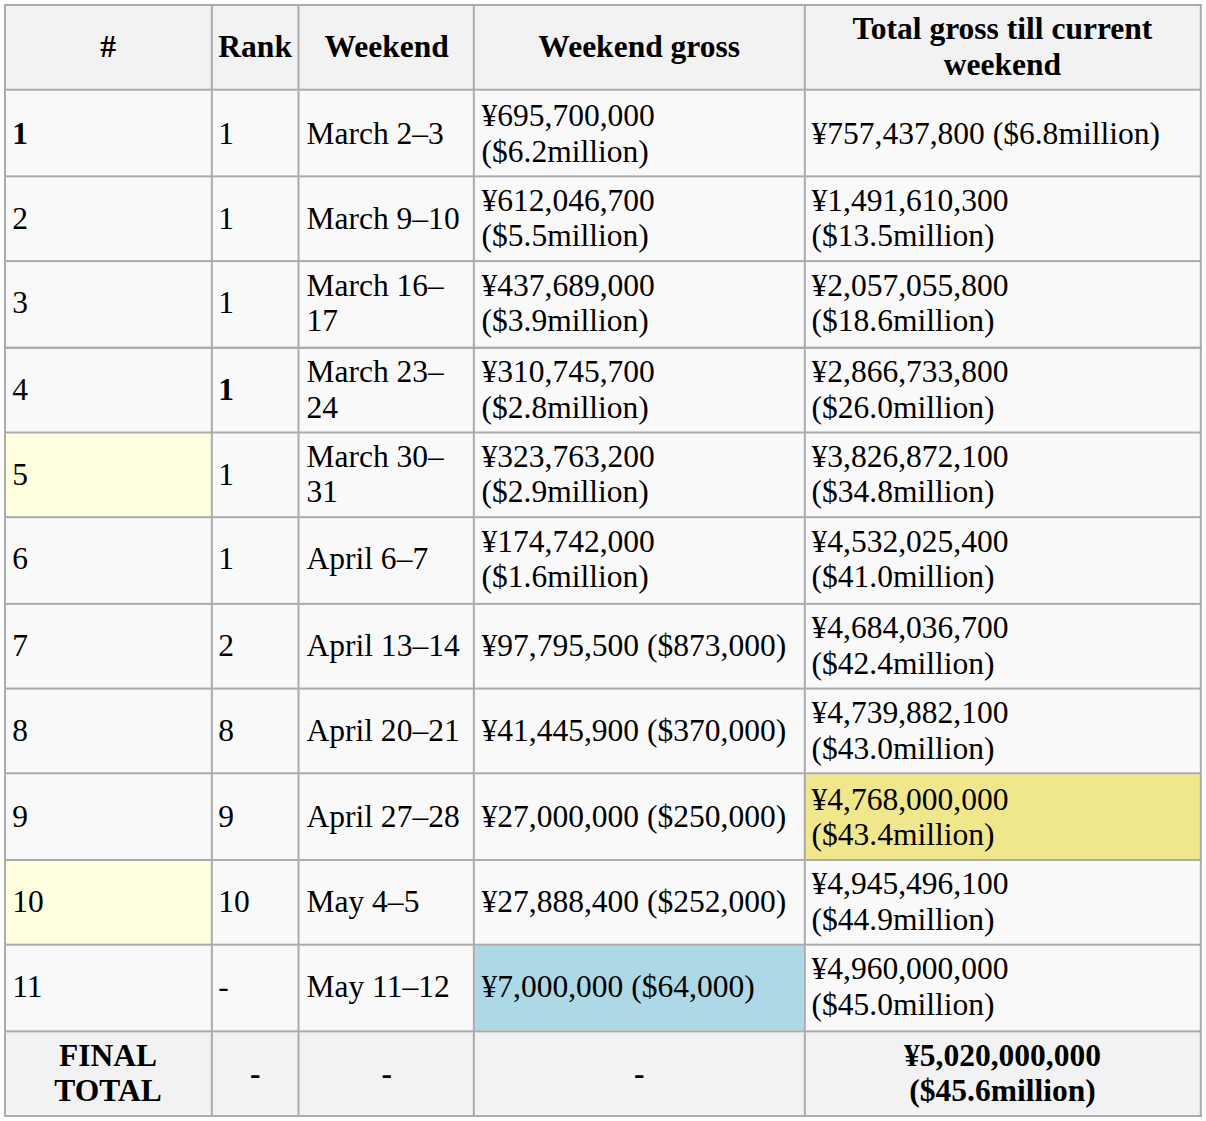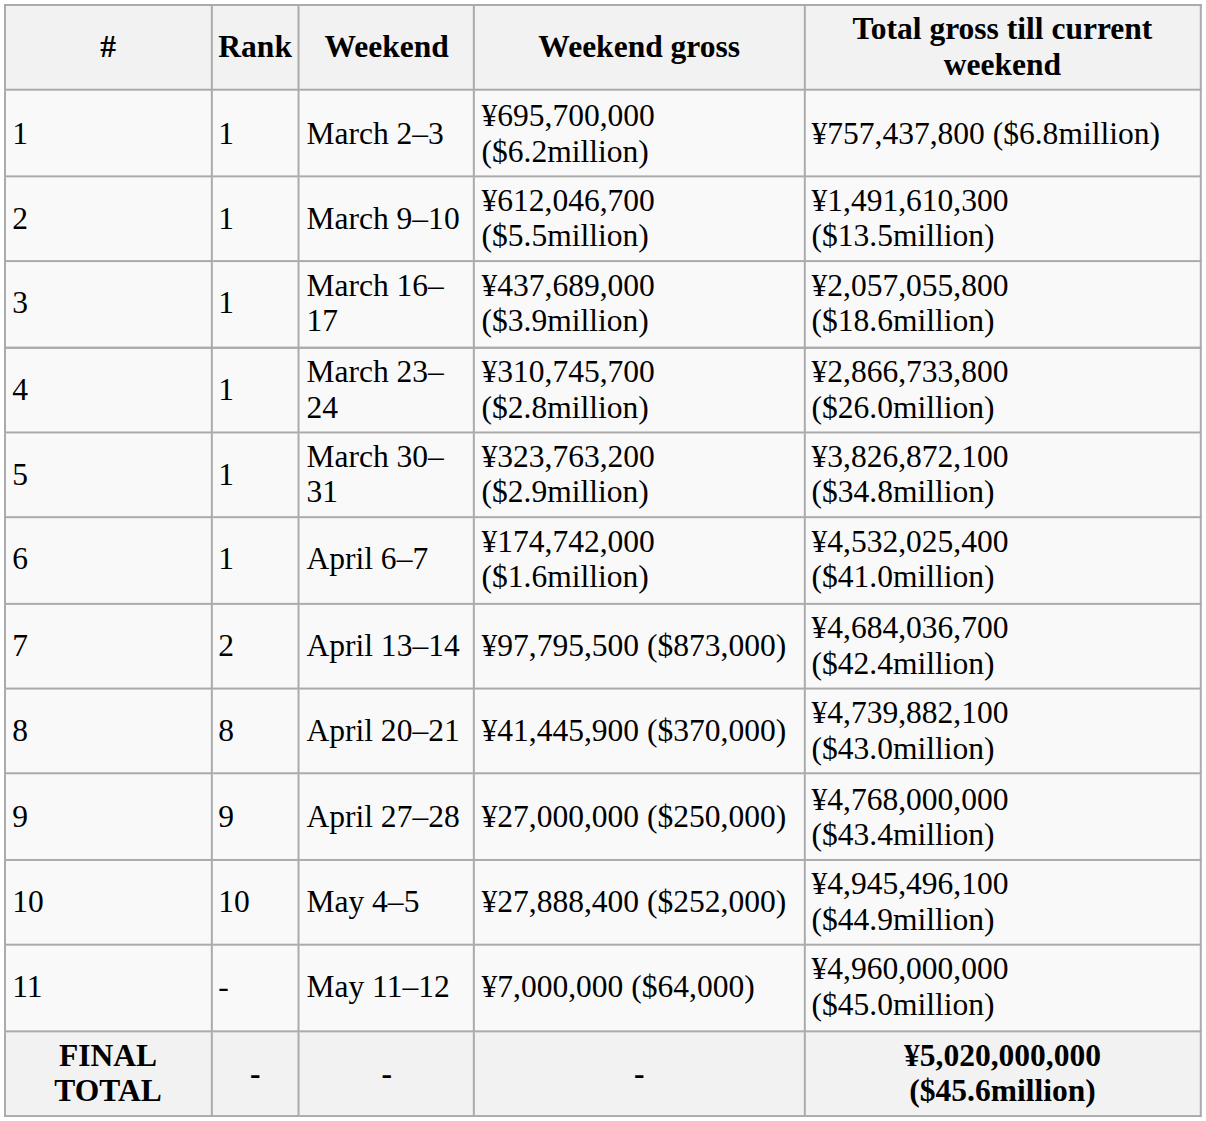 <table class = wikitable>
 <tr>
 <th>#</th>
 <th>Rank</th>
 <th>Weekend</th>
 <th>Weekend gross</th>
 <th>Total gross till current weekend</th>
 </tr>
 <tr>
-<td><strong>1</strong></td>
+<td>1</td>
 <td>1</td>
 <td>March 2–3</td>
 <td>¥695,700,000 ($6.2million)</td>
 <td>¥757,437,800 ($6.8million)</td>
 </tr>
 <tr>
 <td>2</td>
 <td>1</td>
 <td>March 9–10</td>
 <td>¥612,046,700 ($5.5million)</td>
 <td>¥1,491,610,300 ($13.5million)</td>
 </tr>
 <tr>
 <td>3</td>
 <td>1</td>
 <td>March 16–17</td>
 <td>¥437,689,000 ($3.9million)</td>
 <td>¥2,057,055,800 ($18.6million)</td>
 </tr>
 <tr>
 </tr>
 <tr>
 <td>4</td>
-<td><strong>1</strong></td>
+<td>1</td>
 <td>March 23–24</td>
 <td>¥310,745,700 ($2.8million)</td>
 <td>¥2,866,733,800 ($26.0million)</td>
 </tr>
 <tr>
-<td style="background: lightyellow;">5</td>
+<td>5</td>
 <td>1</td>
 <td>March 30–31</td>
 <td>¥323,763,200 ($2.9million)</td>
 <td>¥3,826,872,100 ($34.8million)</td>
 </tr>
 <tr>
 <td>6</td>
 <td>1</td>
 <td>April 6–7</td>
 <td>¥174,742,000 ($1.6million)</td>
 <td>¥4,532,025,400 ($41.0million)</td>
 </tr>
 <tr>
 <td>7</td>
 <td>2</td>
 <td>April 13–14</td>
 <td>¥97,795,500 ($873,000)</td>
 <td>¥4,684,036,700 ($42.4million)</td>
 </tr>
 <tr>
 <td>8</td>
 <td>8</td>
 <td>April 20–21</td>
 <td>¥41,445,900 ($370,000)</td>
 <td>¥4,739,882,100 ($43.0million)</td>
 </tr>
 <tr>
 <td>9</td>
 <td>9</td>
 <td>April 27–28</td>
 <td>¥27,000,000 ($250,000)</td>
-<td style="background: khaki;">¥4,768,000,000 ($43.4million)</td>
+<td>¥4,768,000,000 ($43.4million)</td>
 </tr>
 <tr>
-<td style="background: lightyellow;">10</td>
+<td>10</td>
 <td>10</td>
 <td>May 4–5</td>
 <td>¥27,888,400 ($252,000)</td>
 <td>¥4,945,496,100 ($44.9million)</td>
 </tr>
 <tr>
 <td>11</td>
 <td>-</td>
 <td>May 11–12</td>
-<td style="background: lightblue;">¥7,000,000 ($64,000)</td>
+<td>¥7,000,000 ($64,000)</td>
 <td>¥4,960,000,000 ($45.0million)</td>
 </tr>
 <tr>
 <th>FINAL TOTAL</th>
 <th>-</th>
 <th>-</th>
 <th>-</th>
 <th>¥5,020,000,000 ($45.6million)</th>
 </tr>
 </table>
